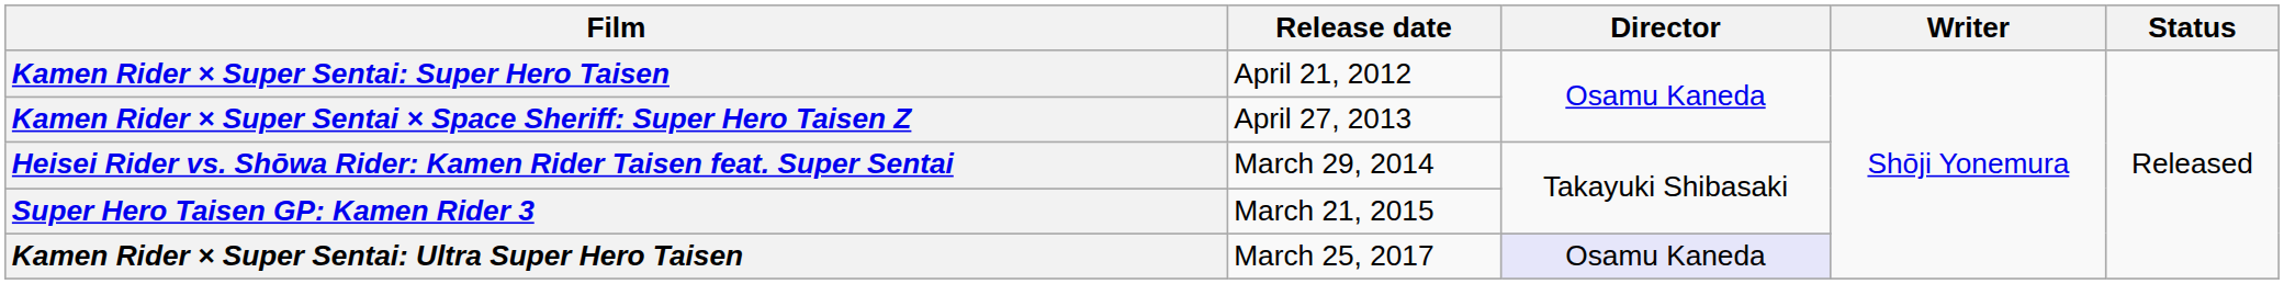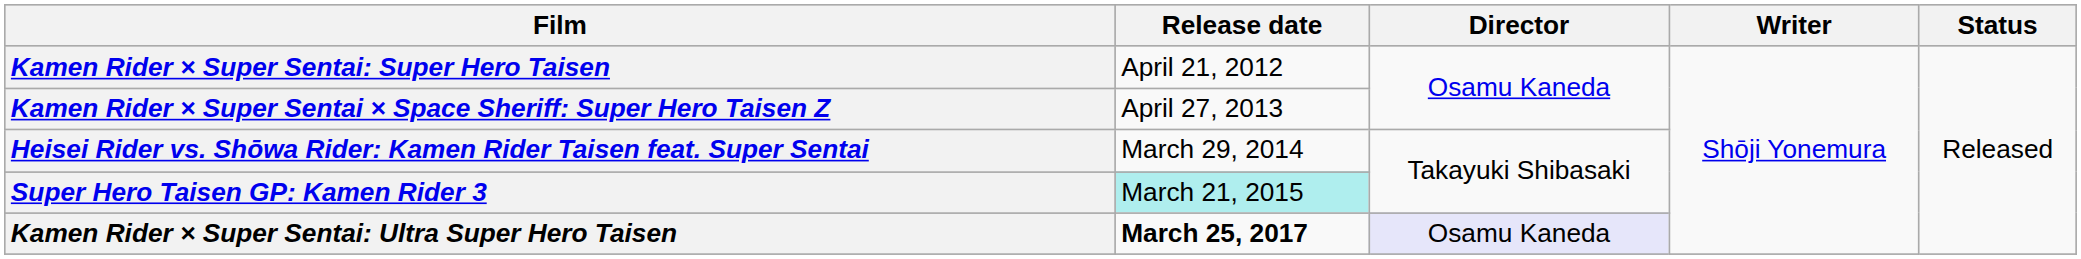 <table class="wikitable plainrowheaders" style="text-align:center; width:100%;">
 <tr>
 <th>Film</th>
 <th>Release date</th>
 <th>Director</th>
 <th>Writer</th>
 <th>Status</th>
 </tr>
 <tr>
 <th scope="row" style="text-align:left"><em><a href='#'>Kamen Rider × Super Sentai: Super Hero Taisen</a></em></th>
 <td style="text-align:left">April 21, 2012</td>
 <td rowspan="2"><a href='#'>Osamu Kaneda</a></td>
 <td rowspan="5"><a href='#'>Shōji Yonemura</a></td>
 <td rowspan="6">Released</td>
 </tr>
 <tr>
 <th scope="row" style="text-align:left"><em><a href='#'>Kamen Rider × Super Sentai × Space Sheriff: Super Hero Taisen Z</a></em></th>
 <td style="text-align:left">April 27, 2013</td>
 </tr>
 <tr>
 <th scope="row" style="text-align:left"><em><a href='#'>Heisei Rider vs. Shōwa Rider: Kamen Rider Taisen feat. Super Sentai</a></em></th>
 <td style="text-align:left">March 29, 2014</td>
 <td rowspan="2">Takayuki Shibasaki</td>
 </tr>
 <tr>
 <th scope="row" style="text-align:left"><em><a href='#'>Super Hero Taisen GP: Kamen Rider 3</a></em></th>
-<td style="text-align:left">March 21, 2015</td>
+<td style="background: paleturquoise; text-align:left">March 21, 2015</td>
 </tr>
 <tr>
 <th scope="row" style="text-align:left"><em>Kamen Rider × Super Sentai: Ultra Super Hero Taisen</em></th>
-<td style="text-align:left">March 25, 2017</td>
+<td style="text-align:left"><strong>March 25, 2017</strong></td>
 <td rowspan="1" style="background: lavender;">Osamu Kaneda</td>
 </tr>
 </table>
